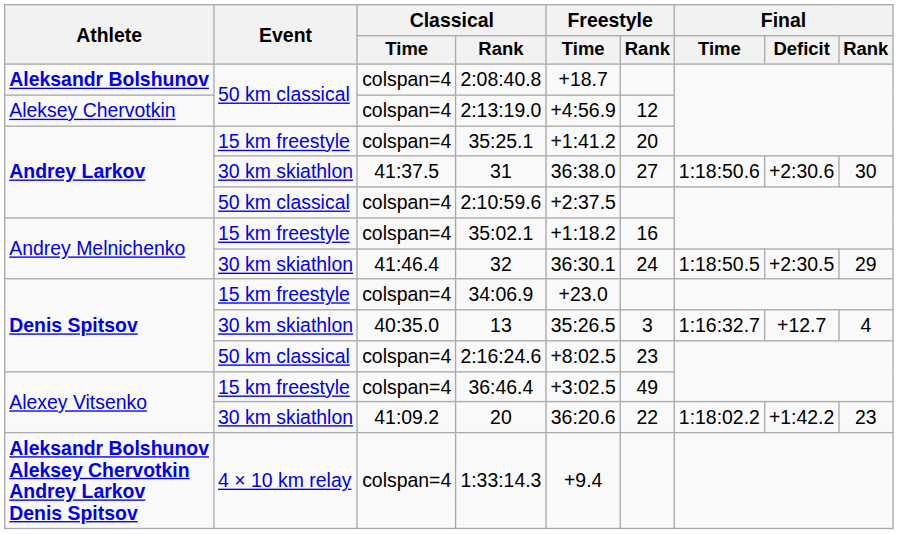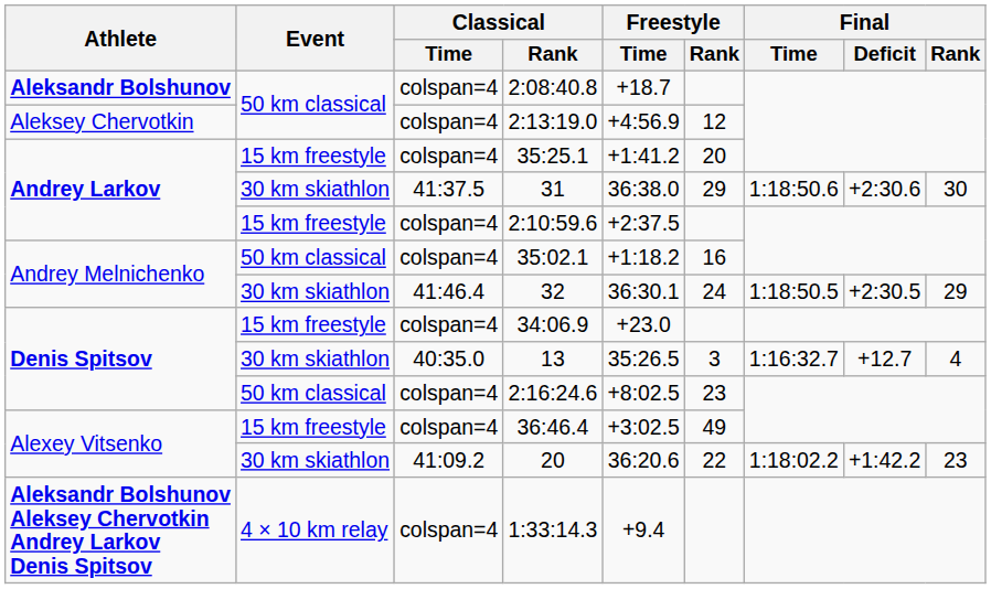 <table class="wikitable" style="font-size:90%">
 <tr>
 <th rowspan=2>Athlete</th>
 <th rowspan=2>Event</th>
 <th colspan=2>Classical</th>
 <th colspan=2>Freestyle</th>
 <th colspan=3>Final</th>
 </tr>
 <tr style="font-size: 95%">
 <th>Time</th>
 <th>Rank</th>
 <th>Time</th>
 <th>Rank</th>
 <th>Time</th>
 <th>Deficit</th>
 <th>Rank</th>
 </tr>
 <tr align=center>
 <td align=left><strong><a href='#'>Aleksandr Bolshunov</a></strong></td>
 <td align=left rowspan=2><a href='#'>50 km classical</a></td>
 <td>colspan=4 </td>
 <td>2:08:40.8</td>
 <td>+18.7</td>
 <td></td>
 </tr>
 <tr align=center>
 <td align=left><a href='#'>Aleksey Chervotkin</a></td>
 <td>colspan=4 </td>
 <td>2:13:19.0</td>
 <td>+4:56.9</td>
 <td>12</td>
 </tr>
 <tr align=center>
 <td align=left rowspan=3><strong><a href='#'>Andrey Larkov</a></strong></td>
 <td align=left><a href='#'>15 km freestyle</a></td>
 <td>colspan=4 </td>
 <td>35:25.1</td>
 <td>+1:41.2</td>
 <td>20</td>
 </tr>
 <tr align=center>
 <td align=left><a href='#'>30 km skiathlon</a></td>
 <td>41:37.5</td>
 <td>31</td>
 <td>36:38.0</td>
-<td>27</td>
+<td>29</td>
 <td>1:18:50.6</td>
 <td>+2:30.6</td>
 <td>30</td>
 </tr>
 <tr align=center>
-<td align=left><a href='#'>50 km classical</a></td>
+<td align=left><a href='#'>15 km freestyle</a></td>
 <td>colspan=4 </td>
 <td>2:10:59.6</td>
 <td>+2:37.5</td>
 <td></td>
 </tr>
 <tr align=center>
 <td align=left rowspan=2><a href='#'>Andrey Melnichenko</a></td>
-<td align=left><a href='#'>15 km freestyle</a></td>
+<td align=left><a href='#'>50 km classical</a></td>
 <td>colspan=4 </td>
 <td>35:02.1</td>
 <td>+1:18.2</td>
 <td>16</td>
 </tr>
 <tr align=center>
 <td align=left><a href='#'>30 km skiathlon</a></td>
 <td>41:46.4</td>
 <td>32</td>
 <td>36:30.1</td>
 <td>24</td>
 <td>1:18:50.5</td>
 <td>+2:30.5</td>
 <td>29</td>
 </tr>
 <tr align=center>
 <td align=left rowspan=3><strong><a href='#'>Denis Spitsov</a></strong></td>
 <td align=left><a href='#'>15 km freestyle</a></td>
 <td>colspan=4 </td>
 <td>34:06.9</td>
 <td>+23.0</td>
 <td></td>
 </tr>
 <tr align=center>
 <td align=left><a href='#'>30 km skiathlon</a></td>
 <td>40:35.0</td>
 <td>13</td>
 <td>35:26.5</td>
 <td>3</td>
 <td>1:16:32.7</td>
 <td>+12.7</td>
 <td>4</td>
 </tr>
 <tr align=center>
 <td align=left><a href='#'>50 km classical</a></td>
 <td>colspan=4 </td>
 <td>2:16:24.6</td>
 <td>+8:02.5</td>
 <td>23</td>
 </tr>
 <tr align=center>
 <td align=left rowspan=2><a href='#'>Alexey Vitsenko</a></td>
 <td align=left><a href='#'>15 km freestyle</a></td>
 <td>colspan=4 </td>
 <td>36:46.4</td>
 <td>+3:02.5</td>
 <td>49</td>
 </tr>
 <tr align=center>
 <td align=left><a href='#'>30 km skiathlon</a></td>
 <td>41:09.2</td>
 <td>20</td>
 <td>36:20.6</td>
 <td>22</td>
 <td>1:18:02.2</td>
 <td>+1:42.2</td>
 <td>23</td>
 </tr>
 <tr align=center>
 <td align=left><strong><a href='#'>Aleksandr Bolshunov</a><br><a href='#'>Aleksey Chervotkin</a><br><a href='#'>Andrey Larkov</a><br><a href='#'>Denis Spitsov</a></strong></td>
 <td align=left><a href='#'>4 × 10 km relay</a></td>
 <td>colspan=4 </td>
 <td>1:33:14.3</td>
 <td>+9.4</td>
 <td></td>
 </tr>
 </table>
